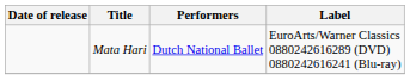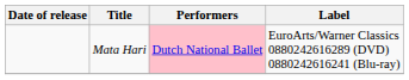 <table class="wikitable sortable">
 <tr>
 <th>Date of release</th>
 <th>Title</th>
 <th class="unsortable">Performers</th>
 <th>Label</th>
 </tr>
 <tr>
 <td></td>
 <td><em>Mata Hari</em></td>
-<td><a href='#'>Dutch National Ballet</a></td>
+<td style="background: pink;"><a href='#'>Dutch National Ballet</a></td>
 <td>EuroArts/Warner Classics<br>0880242616289 (DVD)<br>0880242616241 (Blu-ray)</td>
 </tr>
 <tr>
 </tr>
 </table>
